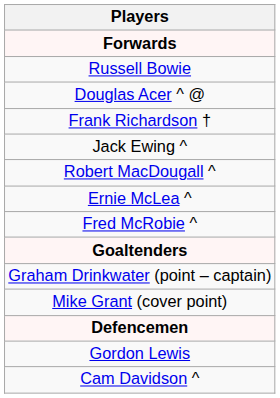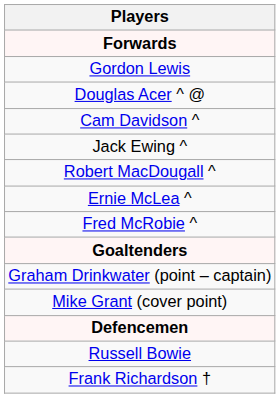 <table class="wikitable" style="text-align:center;">
 <tr>
 <th>Players</th>
 </tr>
 <tr style="font-weight:bold; background-color:#FFF5F5;">
 <td colspan="1" align="center"><strong>Forwards</strong></td>
 </tr>
 <tr>
-<td><a href='#'>Russell Bowie</a></td>
+<td><a href='#'>Gordon Lewis</a></td>
 </tr>
 <tr>
 <td><a href='#'>Douglas Acer</a> ^ @</td>
 </tr>
 <tr>
-<td><a href='#'>Frank Richardson</a> †</td>
+<td><a href='#'>Cam Davidson</a> ^</td>
 </tr>
 <tr>
 <td>Jack Ewing ^</td>
 </tr>
 <tr>
 <td><a href='#'>Robert MacDougall</a> ^</td>
 </tr>
 <tr>
 <td><a href='#'>Ernie McLea</a> ^</td>
 </tr>
 <tr>
 <td><a href='#'>Fred McRobie</a> ^</td>
 </tr>
 <tr style="font-weight:bold; background-color:#FFF5F5;">
 <td colspan="1" align="center"><strong>Goaltenders</strong></td>
 </tr>
 <tr>
 <td><a href='#'>Graham Drinkwater</a> (point – captain)</td>
 </tr>
 <tr>
 <td><a href='#'>Mike Grant</a> (cover point)</td>
 </tr>
 <tr style="font-weight:bold; background-color:#FFF5F5;">
 <td colspan="1" align="center"><strong>Defencemen</strong></td>
 </tr>
 <tr>
-<td><a href='#'>Gordon Lewis</a></td>
+<td><a href='#'>Russell Bowie</a></td>
 </tr>
 <tr>
-<td><a href='#'>Cam Davidson</a> ^</td>
+<td><a href='#'>Frank Richardson</a> †</td>
 </tr>
 </table>
